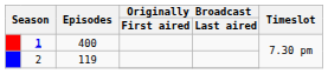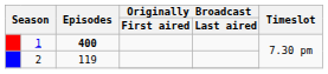 <table class="wikitable" style="text-align:center">
 <tr>
 <th style="padding: 0 8px" colspan="2" rowspan="2">Season</th>
 <th style="padding: 0 8px" rowspan="2">Episodes</th>
 <th style="padding: 0 8px" colspan="2">Originally Broadcast</th>
 <th style="padding: 0 8px" rowspan="2">Timeslot</th>
 </tr>
 <tr>
 <th style="padding: 1 8px">First aired</th>
 <th style="padding: 1 8px">Last aired</th>
 </tr>
 <tr>
 <td style="background:Red"></td>
-<td align="center"><strong><a href='#'>1</a></strong></td>
-<td align="center">400</td>
+<td align="center"><a href='#'>1</a></td>
+<td align="center"><strong>400</strong></td>
 <td align="center"></td>
 <td align="center"></td>
 <td align="center" rowspan="3">7.30 pm</td>
 </tr>
 <tr>
 <td style="background:Blue" rowspan="2"></td>
 <td align="center" rowspan="2">2</td>
 <td align="center" rowspan="2">119</td>
 <td align="center"></td>
 <td align="center"></td>
 </tr>
 <tr>
 </tr>
 </table>
